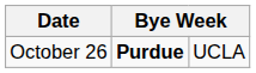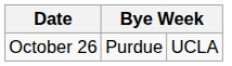 <table class="wikitable" style="font-size:95%;">
 <tr>
 <th>Date</th>
 <th colspan="2">Bye Week</th>
 </tr>
 <tr>
 <td>October 26</td>
-<td><strong>Purdue</strong></td>
+<td>Purdue</td>
 <td>UCLA</td>
 </tr>
 </table>
